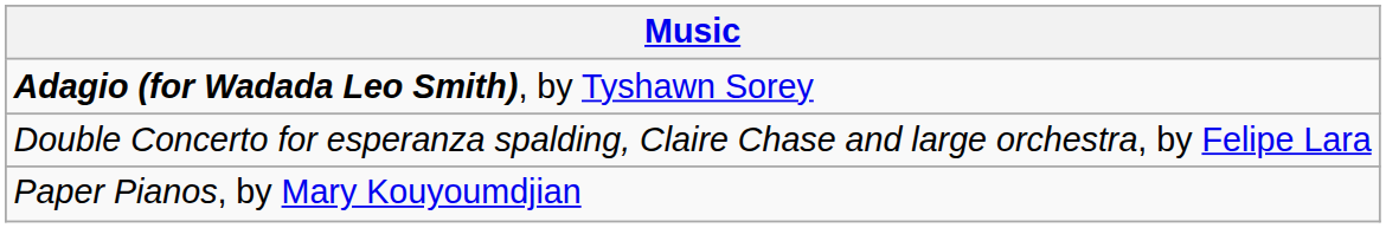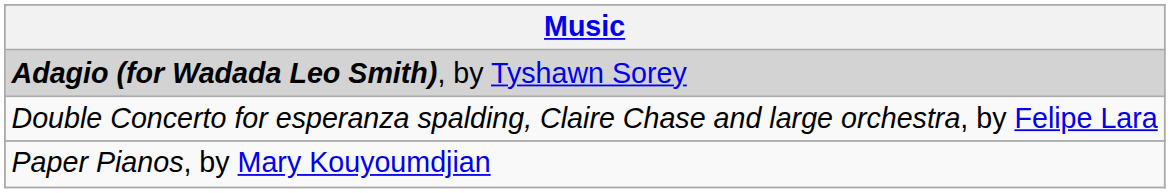 <table class="wikitable" style="float:left; float:none;">
 <tr>
 <th><a href='#'>Music</a></th>
 </tr>
 <tr>
-<td><strong><em>Adagio (for Wadada Leo Smith)</em></strong>, by <a href='#'>Tyshawn Sorey</a></td>
+<td style="background: lightgrey;"><strong><em>Adagio (for Wadada Leo Smith)</em></strong>, by <a href='#'>Tyshawn Sorey</a></td>
 </tr>
 <tr>
 <td><em>Double Concerto for esperanza spalding, Claire Chase and large orchestra</em>, by <a href='#'>Felipe Lara</a></td>
 </tr>
 <tr>
 <td><em>Paper Pianos</em>, by <a href='#'>Mary Kouyoumdjian</a></td>
 </tr>
 </table>
